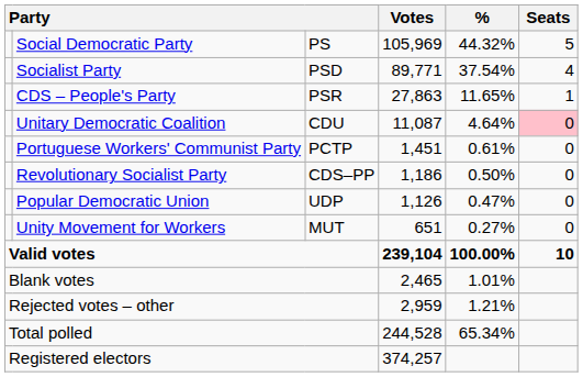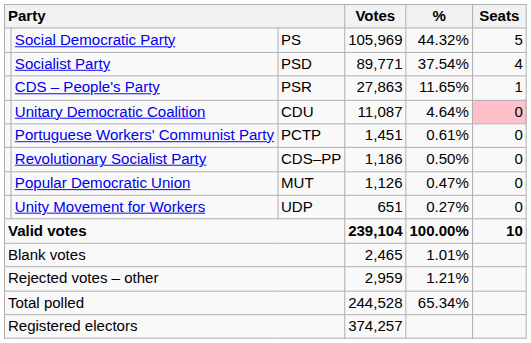 <table class="wikitable" border="1" style="text-align:right;">
 <tr>
 <th style="text-align:left;" colspan=3>Party</th>
 <th align=center width="50">Votes</th>
 <th align=center width="50">%</th>
 <th align=center width="50">Seats</th>
 </tr>
 <tr>
 <td></td>
 <td align=left><a href='#'>Social Democratic Party</a></td>
 <td align=left>PS</td>
 <td>105,969</td>
 <td>44.32%</td>
 <td>5</td>
 </tr>
 <tr>
 <td></td>
 <td align=left><a href='#'>Socialist Party</a></td>
 <td align=left>PSD</td>
 <td>89,771</td>
 <td>37.54%</td>
 <td>4</td>
 </tr>
 <tr>
 <td></td>
 <td align=left><a href='#'>CDS – People's Party</a></td>
 <td align=left>PSR</td>
 <td>27,863</td>
 <td>11.65%</td>
 <td>1</td>
 </tr>
 <tr>
 <td></td>
 <td align=left style="white-space: nowrap;"><a href='#'>Unitary Democratic Coalition</a></td>
 <td align=left>CDU</td>
 <td>11,087</td>
 <td>4.64%</td>
 <td style="background: pink;">0</td>
 </tr>
 <tr>
 <td></td>
 <td align=left><a href='#'>Portuguese Workers' Communist Party</a></td>
 <td align=left>PCTP</td>
 <td>1,451</td>
 <td>0.61%</td>
 <td>0</td>
 </tr>
 <tr>
 <td></td>
 <td align=left><a href='#'>Revolutionary Socialist Party</a></td>
 <td align=left style="white-space: nowrap;">CDS–PP</td>
 <td>1,186</td>
 <td>0.50%</td>
 <td>0</td>
 </tr>
 <tr>
 <td></td>
 <td align=left><a href='#'>Popular Democratic Union</a></td>
-<td align=left>UDP</td>
+<td align=left>MUT</td>
 <td>1,126</td>
 <td>0.47%</td>
 <td>0</td>
 </tr>
 <tr>
 <td></td>
 <td align=left><a href='#'>Unity Movement for Workers</a></td>
-<td align=left>MUT</td>
+<td align=left>UDP</td>
 <td>651</td>
 <td>0.27%</td>
 <td>0</td>
 </tr>
 <tr style="font-weight:bold">
 <td align=left colspan=3>Valid votes</td>
 <td>239,104</td>
 <td>100.00%</td>
 <td>10</td>
 </tr>
 <tr>
 <td align=left colspan=3>Blank votes</td>
 <td>2,465</td>
 <td>1.01%</td>
 <td></td>
 </tr>
 <tr>
 <td align=left colspan=3>Rejected votes – other</td>
 <td>2,959</td>
 <td>1.21%</td>
 <td></td>
 </tr>
 <tr>
 <td align=left colspan=3>Total polled</td>
 <td>244,528</td>
 <td>65.34%</td>
 <td></td>
 </tr>
 <tr>
 <td align=left colspan=3>Registered electors</td>
 <td>374,257</td>
 <td></td>
 <td></td>
 </tr>
 </table>
